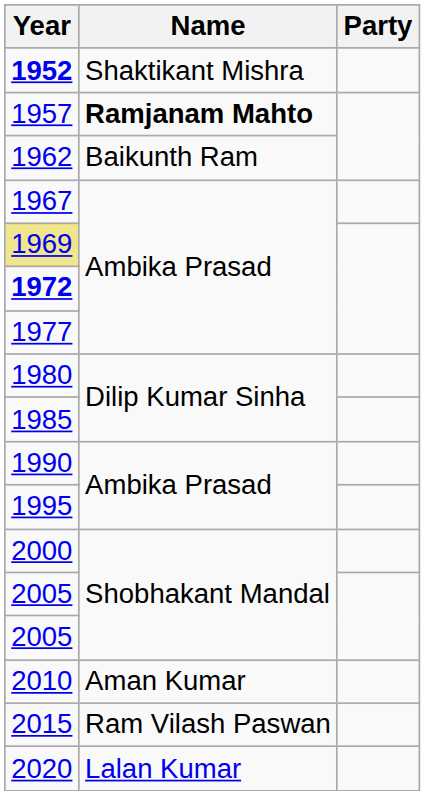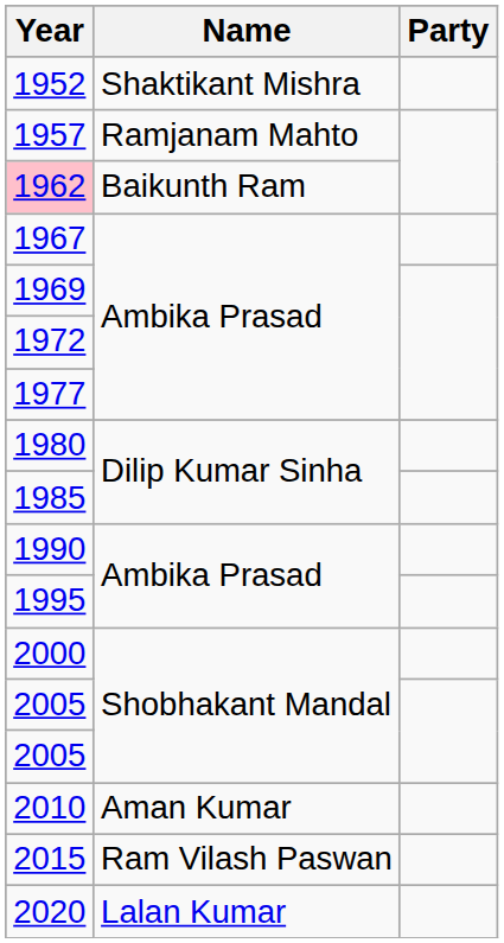 <table class="wikitable sortable" style="font-size: x-big; font-family: arial">
 <tr>
 <th>Year</th>
 <th>Name</th>
 <th colspan="2">Party</th>
 </tr>
 <tr>
-<td><strong><a href='#'>1952</a></strong></td>
+<td><a href='#'>1952</a></td>
 <td>Shaktikant Mishra</td>
 <td></td>
 </tr>
 <tr>
 <td><a href='#'>1957</a></td>
-<td><strong>Ramjanam Mahto</strong></td>
+<td>Ramjanam Mahto</td>
 </tr>
 <tr>
-<td><a href='#'>1962</a></td>
+<td style="background: pink;"><a href='#'>1962</a></td>
 <td>Baikunth Ram</td>
 </tr>
 <tr>
 <td><a href='#'>1967</a></td>
 <td rowspan="4">Ambika Prasad</td>
 <td></td>
 </tr>
 <tr>
-<td style="background: khaki;"><a href='#'>1969</a></td>
+<td><a href='#'>1969</a></td>
 </tr>
 <tr>
-<td><strong><a href='#'>1972</a></strong></td>
+<td><a href='#'>1972</a></td>
 </tr>
 <tr>
 <td><a href='#'>1977</a></td>
 </tr>
 <tr>
 <td><a href='#'>1980</a></td>
 <td rowspan="2">Dilip Kumar Sinha</td>
 <td></td>
 </tr>
 <tr>
 <td><a href='#'>1985</a></td>
 <td></td>
 </tr>
 <tr>
 <td><a href='#'>1990</a></td>
 <td rowspan="2">Ambika Prasad</td>
 <td></td>
 </tr>
 <tr>
 <td><a href='#'>1995</a></td>
 </tr>
 <tr>
 <td><a href='#'>2000</a></td>
 <td rowspan="3">Shobhakant Mandal</td>
 <td></td>
 </tr>
 <tr>
 <td><a href='#'>2005</a></td>
 </tr>
 <tr>
 <td><a href='#'>2005</a></td>
 </tr>
 <tr>
 <td><a href='#'>2010</a></td>
 <td>Aman Kumar</td>
 <td></td>
 </tr>
 <tr>
 <td><a href='#'>2015</a></td>
 <td>Ram Vilash Paswan</td>
 <td></td>
 </tr>
 <tr>
 <td><a href='#'>2020</a></td>
 <td><a href='#'>Lalan Kumar</a></td>
 <td></td>
 </tr>
 </table>
